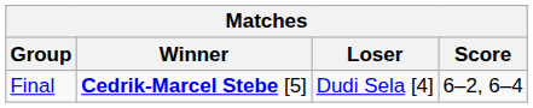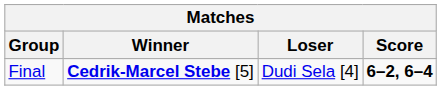 <table class="wikitable collapsible uncollapsed" style="margin:1em auto;">
 <tr>
 <th colspan=4>Matches</th>
 </tr>
 <tr>
 <th>Group</th>
 <th>Winner</th>
 <th>Loser</th>
 <th>Score</th>
 </tr>
 <tr align=left>
 <td><a href='#'>Final</a></td>
 <td> <strong><a href='#'>Cedrik-Marcel Stebe</a></strong> [5]</td>
 <td> <a href='#'>Dudi Sela</a> [4]</td>
-<td>6–2, 6–4</td>
+<td><strong>6–2, 6–4</strong></td>
 </tr>
 </table>
